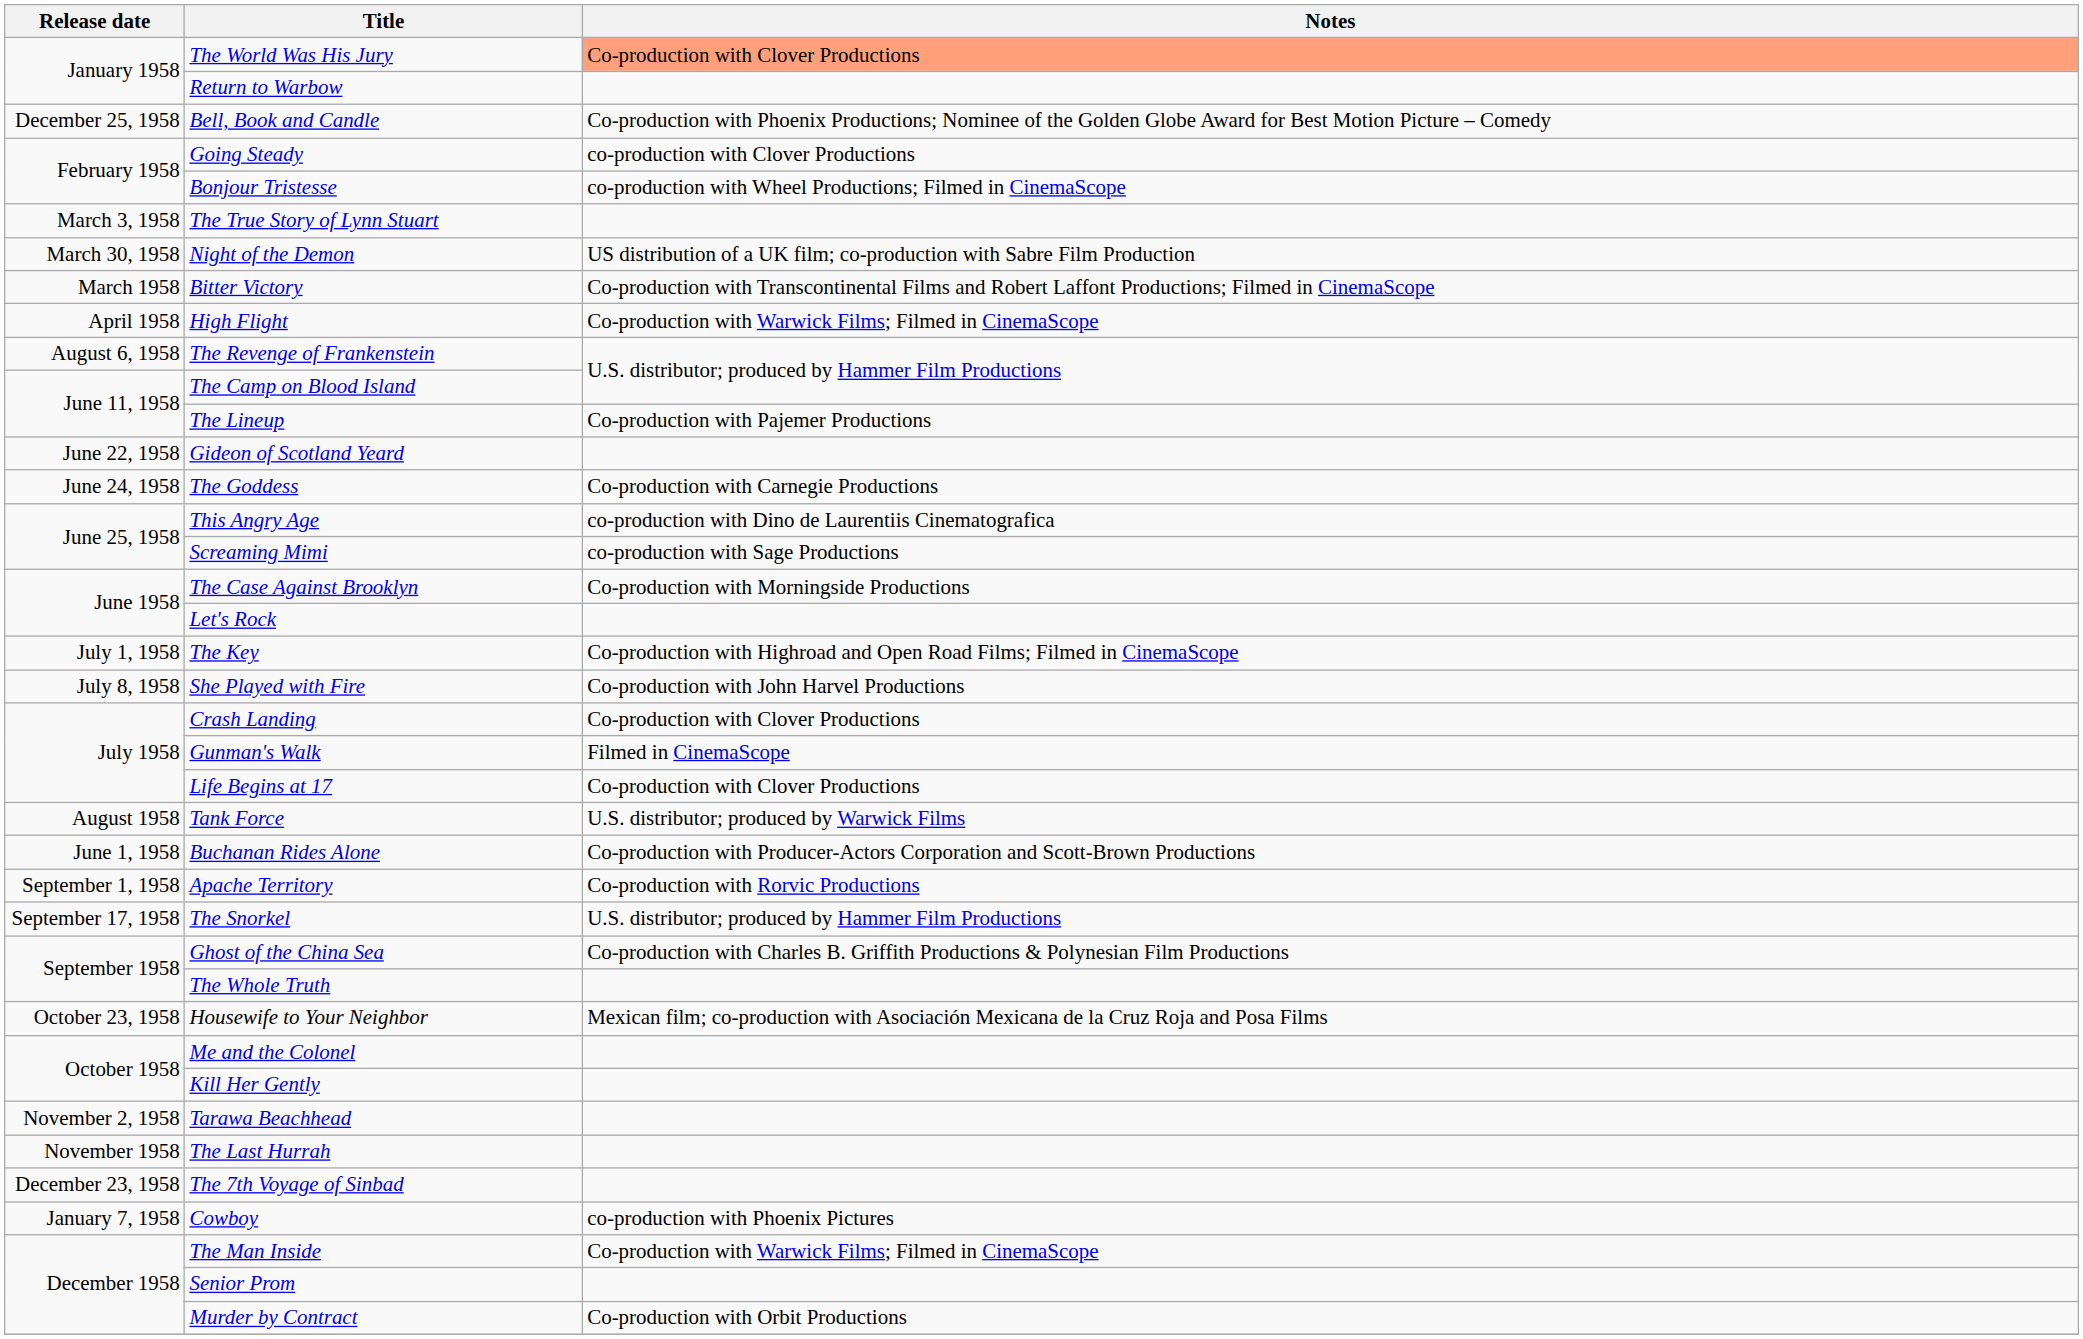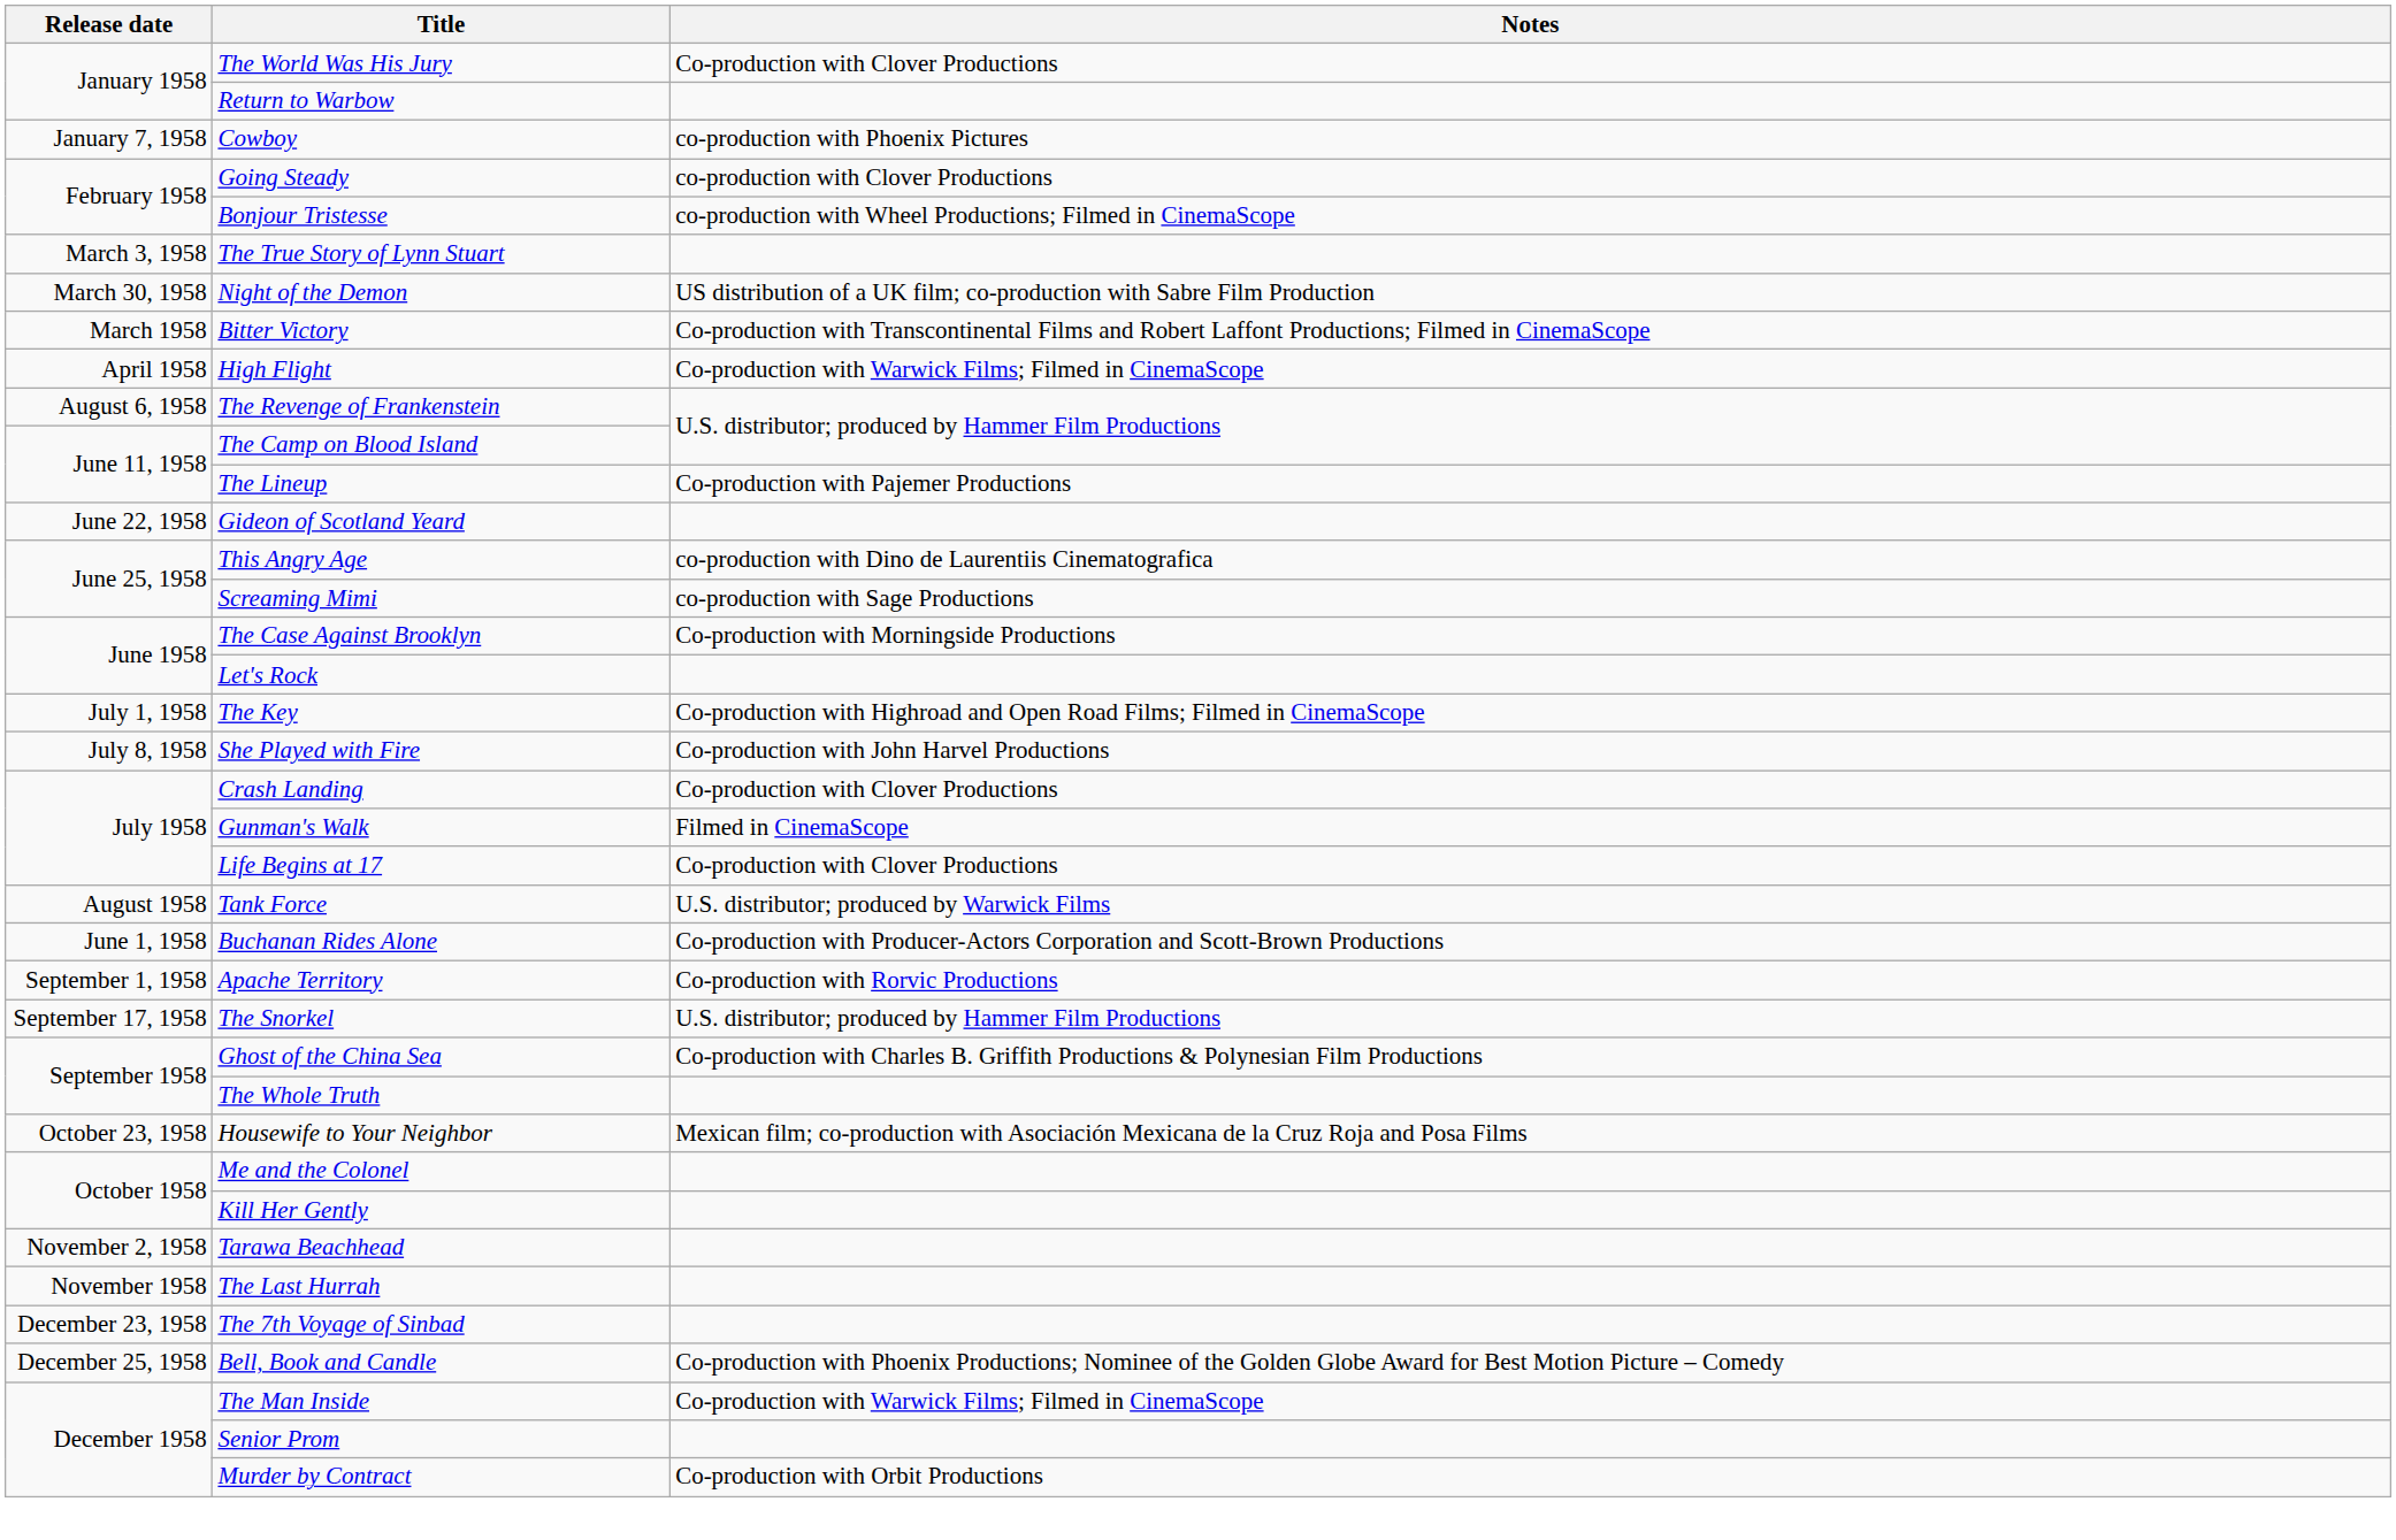 <table class="wikitable sortable" style="width:100%;">
 <tr>
 <th scope="col" style="width:130px;">Release date</th>
 <th>Title</th>
 <th>Notes</th>
 </tr>
 <tr>
 <td style="text-align:right;" rowspan="2">January 1958</td>
 <td><em><a href='#'>The World Was His Jury</a></em></td>
-<td style="background: lightsalmon;">Co-production with Clover Productions</td>
+<td>Co-production with Clover Productions</td>
 </tr>
 <tr>
 <td><em><a href='#'>Return to Warbow</a></em></td>
 <td></td>
 </tr>
 <tr>
-<td style="text-align:right;">December 25, 1958</td>
-<td><em><a href='#'>Bell, Book and Candle</a></em></td>
-<td>Co-production with Phoenix Productions; Nominee of the Golden Globe Award for Best Motion Picture – Comedy</td>
+<td style="text-align:right;">January 7, 1958</td>
+<td><em><a href='#'>Cowboy</a></em></td>
+<td>co-production with Phoenix Pictures</td>
 </tr>
 <tr>
 <td style="text-align:right;" rowspan="2">February 1958</td>
 <td><em><a href='#'>Going Steady</a></em></td>
 <td>co-production with Clover Productions</td>
 </tr>
 <tr>
 <td><em><a href='#'>Bonjour Tristesse</a></em></td>
 <td>co-production with Wheel Productions; Filmed in <a href='#'>CinemaScope</a></td>
 </tr>
 <tr>
 <td style="text-align:right;">March 3, 1958</td>
 <td><em><a href='#'>The True Story of Lynn Stuart</a></em></td>
 <td></td>
 </tr>
 <tr>
 <td style="text-align:right;">March 30, 1958</td>
 <td><em><a href='#'>Night of the Demon</a></em></td>
 <td>US distribution of a UK film; co-production with Sabre Film Production</td>
 </tr>
 <tr>
 <td style="text-align:right;">March 1958</td>
 <td><em><a href='#'>Bitter Victory</a></em></td>
 <td>Co-production with Transcontinental Films and Robert Laffont Productions; Filmed in <a href='#'>CinemaScope</a></td>
 </tr>
 <tr>
 <td style="text-align:right;">April 1958</td>
 <td><em><a href='#'>High Flight</a></em></td>
 <td>Co-production with <a href='#'>Warwick Films</a>; Filmed in <a href='#'>CinemaScope</a></td>
 </tr>
 <tr>
 <td style="text-align:right;">August 6, 1958</td>
 <td><em><a href='#'>The Revenge of Frankenstein</a></em></td>
 <td rowspan="2">U.S. distributor; produced by <a href='#'>Hammer Film Productions</a></td>
 </tr>
 <tr>
 <td style="text-align:right;" rowspan="2">June 11, 1958</td>
 <td><em><a href='#'>The Camp on Blood Island</a></em></td>
 </tr>
 <tr>
 <td><em><a href='#'>The Lineup</a></em></td>
 <td>Co-production with Pajemer Productions</td>
 </tr>
 <tr>
 <td style="text-align:right;">June 22, 1958</td>
 <td><em><a href='#'>Gideon of Scotland Yeard</a></em></td>
 <td></td>
-</tr>
-<tr>
-<td style="text-align:right;">June 24, 1958</td>
-<td><em><a href='#'>The Goddess</a></em></td>
-<td>Co-production with Carnegie Productions</td>
 </tr>
 <tr>
 <td style="text-align:right;" rowspan="2">June 25, 1958</td>
 <td><em><a href='#'>This Angry Age</a></em></td>
 <td>co-production with Dino de Laurentiis Cinematografica</td>
 </tr>
 <tr>
 <td><em><a href='#'>Screaming Mimi</a></em></td>
 <td>co-production with Sage Productions</td>
 </tr>
 <tr>
 <td style="text-align:right;" rowspan="2">June 1958</td>
 <td><em><a href='#'>The Case Against Brooklyn</a></em></td>
 <td>Co-production with Morningside Productions</td>
 </tr>
 <tr>
 <td><em><a href='#'>Let's Rock</a></em></td>
 <td></td>
 </tr>
 <tr>
 <td style="text-align:right;">July 1, 1958</td>
 <td><em><a href='#'>The Key</a></em></td>
 <td>Co-production with Highroad and Open Road Films; Filmed in <a href='#'>CinemaScope</a></td>
 </tr>
 <tr>
 <td style="text-align:right;">July 8, 1958</td>
 <td><em><a href='#'>She Played with Fire</a></em></td>
 <td>Co-production with John Harvel Productions</td>
 </tr>
 <tr>
 <td style="text-align:right;" rowspan="3">July 1958</td>
 <td><em><a href='#'>Crash Landing</a></em></td>
 <td>Co-production with Clover Productions</td>
 </tr>
 <tr>
 <td><em><a href='#'>Gunman's Walk</a></em></td>
 <td>Filmed in <a href='#'>CinemaScope</a></td>
 </tr>
 <tr>
 <td><em><a href='#'>Life Begins at 17</a></em></td>
 <td>Co-production with Clover Productions</td>
 </tr>
 <tr>
 <td style="text-align:right;">August 1958</td>
 <td><em><a href='#'>Tank Force</a></em></td>
 <td>U.S. distributor; produced by <a href='#'>Warwick Films</a></td>
 </tr>
 <tr>
 <td style="text-align:right;">June 1, 1958</td>
 <td><em><a href='#'>Buchanan Rides Alone</a></em></td>
 <td>Co-production with Producer-Actors Corporation and Scott-Brown Productions</td>
 </tr>
 <tr>
 <td style="text-align:right;">September 1, 1958</td>
 <td><em><a href='#'>Apache Territory</a></em></td>
 <td>Co-production with <a href='#'>Rorvic Productions</a></td>
 </tr>
 <tr>
 <td style="text-align:right;">September 17, 1958</td>
 <td><em><a href='#'>The Snorkel</a></em></td>
 <td>U.S. distributor; produced by <a href='#'>Hammer Film Productions</a></td>
 </tr>
 <tr>
 <td style="text-align:right;" rowspan="2">September 1958</td>
 <td><em><a href='#'>Ghost of the China Sea</a></em></td>
 <td>Co-production with Charles B. Griffith Productions & Polynesian Film Productions</td>
 </tr>
 <tr>
 <td><em><a href='#'>The Whole Truth</a></em></td>
 <td></td>
 </tr>
 <tr>
 <td style="text-align:right;">October 23, 1958</td>
 <td><em>Housewife to Your Neighbor</em></td>
 <td>Mexican film; co-production with Asociación Mexicana de la Cruz Roja and Posa Films</td>
 </tr>
 <tr>
 <td style="text-align:right;" rowspan="2">October 1958</td>
 <td><em><a href='#'>Me and the Colonel</a></em></td>
 <td></td>
 </tr>
 <tr>
 <td><em><a href='#'>Kill Her Gently</a></em></td>
 <td></td>
 </tr>
 <tr>
 <td style="text-align:right;">November 2, 1958</td>
 <td><em><a href='#'>Tarawa Beachhead</a></em></td>
 <td></td>
 </tr>
 <tr>
 <td style="text-align:right;">November 1958</td>
 <td><em><a href='#'>The Last Hurrah</a></em></td>
 <td></td>
 </tr>
 <tr>
 <td style="text-align:right;">December 23, 1958</td>
 <td><em><a href='#'>The 7th Voyage of Sinbad</a></em></td>
 <td></td>
 </tr>
 <tr>
-<td style="text-align:right;">January 7, 1958</td>
-<td><em><a href='#'>Cowboy</a></em></td>
-<td>co-production with Phoenix Pictures</td>
+<td style="text-align:right;">December 25, 1958</td>
+<td><em><a href='#'>Bell, Book and Candle</a></em></td>
+<td>Co-production with Phoenix Productions; Nominee of the Golden Globe Award for Best Motion Picture – Comedy</td>
 </tr>
 <tr>
 <td style="text-align:right;" rowspan="3">December 1958</td>
 <td><em><a href='#'>The Man Inside</a></em></td>
 <td>Co-production with <a href='#'>Warwick Films</a>; Filmed in <a href='#'>CinemaScope</a></td>
 </tr>
 <tr>
 <td><em><a href='#'>Senior Prom</a></em></td>
 <td></td>
 </tr>
 <tr>
 <td><em><a href='#'>Murder by Contract</a></em></td>
 <td>Co-production with Orbit Productions</td>
 </tr>
 <tr>
 </tr>
 </table>
